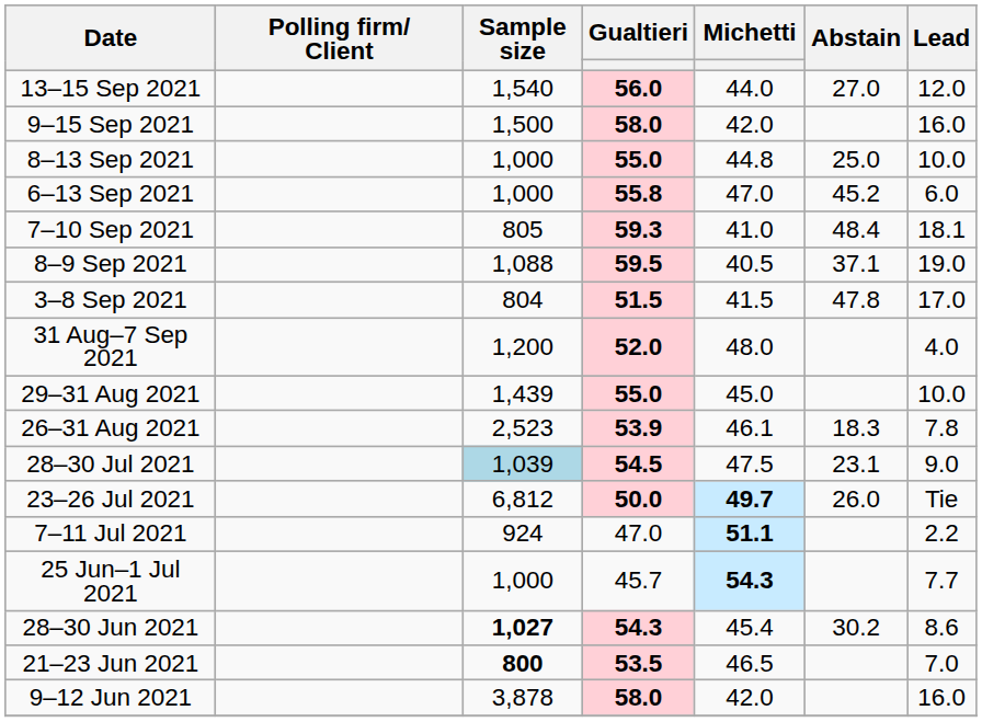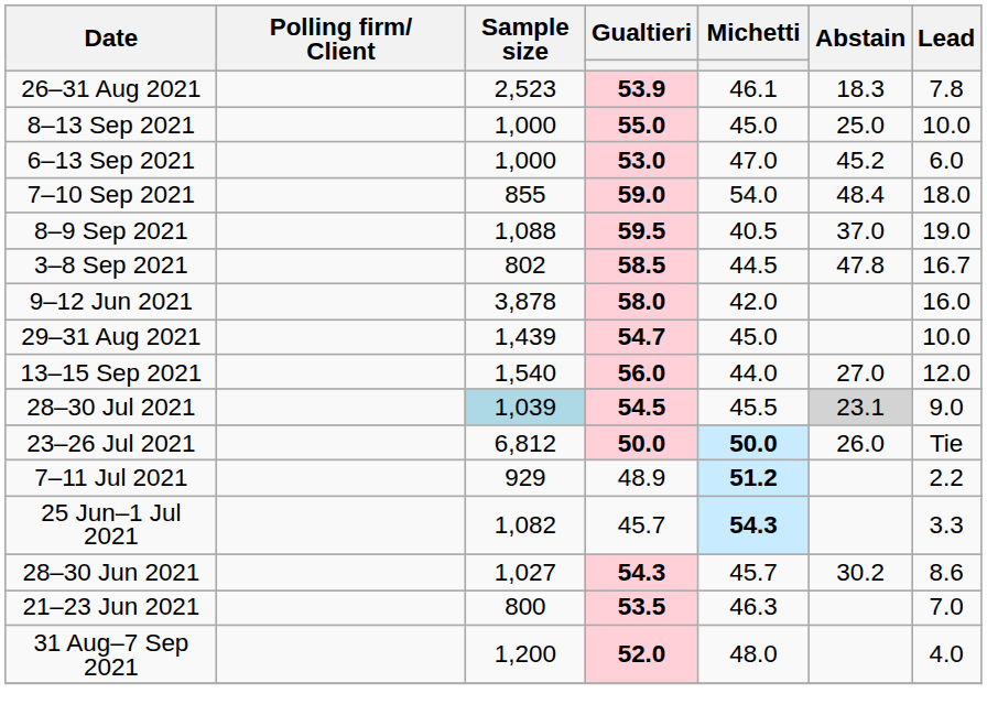 <table class=wikitable style="text-align:center;font-size:85%;line-height:13px">
 <tr style="height:30px; background-color:#E9E9E9">
 <th style="width:110px;" rowspan="2">Date</th>
 <th style="width:130px;" rowspan="2">Polling firm/<br>Client</th>
 <th style="width:60px;" rowspan="2">Sample size</th>
 <th style="width:55px;">Gualtieri</th>
 <th style="width:55px;">Michetti</th>
 <th style="width:30px;" rowspan="2">Abstain</th>
 <th style="width:30px;" rowspan="2">Lead</th>
 </tr>
 <tr>
 <th style="color:inherit;background:"></th>
 <th style="color:inherit;background:"></th>
 </tr>
 <tr>
+<td>26–31 Aug 2021</td>
+<td></td>
+<td>2,523</td>
+<td style="background:#FFD0D7"><strong>53.9</strong></td>
+<td>46.1</td>
+<td>18.3</td>
+<td style="background:">7.8</td>
+</tr>
+<tr>
+<td>8–13 Sep 2021</td>
+<td></td>
+<td>1,000</td>
+<td style="background:#FFD0D7"><strong>55.0</strong></td>
+<td>45.0</td>
+<td>25.0</td>
+<td style="background:">10.0</td>
+</tr>
+<tr>
+<td>6–13 Sep 2021</td>
+<td></td>
+<td>1,000</td>
+<td style="background:#FFD0D7"><strong>53.0</strong></td>
+<td>47.0</td>
+<td>45.2</td>
+<td style="background:">6.0</td>
+</tr>
+<tr>
+<td>7–10 Sep 2021</td>
+<td></td>
+<td>855</td>
+<td style="background:#FFD0D7"><strong>59.0</strong></td>
+<td>54.0</td>
+<td>48.4</td>
+<td style="background:">18.0</td>
+</tr>
+<tr>
+<td>8–9 Sep 2021</td>
+<td></td>
+<td>1,088</td>
+<td style="background:#FFD0D7"><strong>59.5</strong></td>
+<td>40.5</td>
+<td>37.0</td>
+<td style="background:">19.0</td>
+</tr>
+<tr>
+<td>3–8 Sep 2021</td>
+<td></td>
+<td>802</td>
+<td style="background:#FFD0D7"><strong>58.5</strong></td>
+<td>44.5</td>
+<td>47.8</td>
+<td style="background:">16.7</td>
+</tr>
+<tr>
+<td>9–12 Jun 2021</td>
+<td></td>
+<td>3,878</td>
+<td style="background:#FFD0D7"><strong>58.0</strong></td>
+<td>42.0</td>
+<td></td>
+<td style="background:">16.0</td>
+</tr>
+<tr>
+<td>29–31 Aug 2021</td>
+<td></td>
+<td>1,439</td>
+<td style="background:#FFD0D7"><strong>54.7</strong></td>
+<td>45.0</td>
+<td></td>
+<td style="background:">10.0</td>
+</tr>
+<tr>
 <td>13–15 Sep 2021</td>
 <td></td>
 <td>1,540</td>
 <td style="background:#FFD0D7"><strong>56.0</strong></td>
 <td>44.0</td>
 <td>27.0</td>
 <td style="background:">12.0</td>
 </tr>
 <tr>
-<td>9–15 Sep 2021</td>
+<td>28–30 Jul 2021</td>
 <td></td>
-<td>1,500</td>
-<td style="background:#FFD0D7"><strong>58.0</strong></td>
-<td>42.0</td>
-<td></td>
-<td style="background:">16.0</td>
+<td style="background: lightblue;">1,039</td>
+<td style="background:#FFD0D7"><strong>54.5</strong></td>
+<td>45.5</td>
+<td style="background: lightgrey;">23.1</td>
+<td style="background:">9.0</td>
 </tr>
 <tr>
-<td>8–13 Sep 2021</td>
+<td>23–26 Jul 2021</td>
 <td></td>
-<td>1,000</td>
-<td style="background:#FFD0D7"><strong>55.0</strong></td>
-<td>44.8</td>
-<td>25.0</td>
-<td style="background:">10.0</td>
+<td>6,812</td>
+<td style="background:#FFD0D7"><strong>50.0</strong></td>
+<td style="background:#C8EBFF"><strong>50.0</strong></td>
+<td>26.0</td>
+<td>Tie</td>
 </tr>
 <tr>
-<td>6–13 Sep 2021</td>
+<td>7–11 Jul 2021</td>
 <td></td>
-<td>1,000</td>
-<td style="background:#FFD0D7"><strong>55.8</strong></td>
-<td>47.0</td>
-<td>45.2</td>
-<td style="background:">6.0</td>
+<td>929</td>
+<td>48.9</td>
+<td style="background:#C8EBFF"><strong>51.2</strong></td>
+<td></td>
+<td style="background:">2.2</td>
 </tr>
 <tr>
-<td>7–10 Sep 2021</td>
+<td>25 Jun–1 Jul 2021</td>
 <td></td>
-<td>805</td>
-<td style="background:#FFD0D7"><strong>59.3</strong></td>
-<td>41.0</td>
-<td>48.4</td>
-<td style="background:">18.1</td>
+<td>1,082</td>
+<td>45.7</td>
+<td style="background:#C8EBFF"><strong>54.3</strong></td>
+<td></td>
+<td style="background:">3.3</td>
 </tr>
 <tr>
-<td>8–9 Sep 2021</td>
+<td>28–30 Jun 2021</td>
 <td></td>
-<td>1,088</td>
-<td style="background:#FFD0D7"><strong>59.5</strong></td>
-<td>40.5</td>
-<td>37.1</td>
-<td style="background:">19.0</td>
+<td>1,027</td>
+<td style="background:#FFD0D7"><strong>54.3</strong></td>
+<td>45.7</td>
+<td>30.2</td>
+<td style="background:">8.6</td>
 </tr>
 <tr>
-<td>3–8 Sep 2021</td>
+<td>21–23 Jun 2021</td>
 <td></td>
-<td>804</td>
-<td style="background:#FFD0D7"><strong>51.5</strong></td>
-<td>41.5</td>
-<td>47.8</td>
-<td style="background:">17.0</td>
+<td>800</td>
+<td style="background:#FFD0D7"><strong>53.5</strong></td>
+<td>46.3</td>
+<td></td>
+<td style="background:">7.0</td>
 </tr>
 <tr>
 <td>31 Aug–7 Sep 2021</td>
 <td></td>
 <td>1,200</td>
 <td style="background:#FFD0D7"><strong>52.0</strong></td>
 <td>48.0</td>
 <td></td>
 <td style="background:">4.0</td>
 </tr>
 <tr>
-<td>29–31 Aug 2021</td>
-<td></td>
-<td>1,439</td>
-<td style="background:#FFD0D7"><strong>55.0</strong></td>
-<td>45.0</td>
-<td></td>
-<td style="background:">10.0</td>
-</tr>
-<tr>
-<td>26–31 Aug 2021</td>
-<td></td>
-<td>2,523</td>
-<td style="background:#FFD0D7"><strong>53.9</strong></td>
-<td>46.1</td>
-<td>18.3</td>
-<td style="background:">7.8</td>
-</tr>
-<tr>
-<td>28–30 Jul 2021</td>
-<td></td>
-<td style="background: lightblue;">1,039</td>
-<td style="background:#FFD0D7"><strong>54.5</strong></td>
-<td>47.5</td>
-<td>23.1</td>
-<td style="background:">9.0</td>
-</tr>
-<tr>
-<td>23–26 Jul 2021</td>
-<td></td>
-<td>6,812</td>
-<td style="background:#FFD0D7"><strong>50.0</strong></td>
-<td style="background:#C8EBFF"><strong>49.7</strong></td>
-<td>26.0</td>
-<td>Tie</td>
-</tr>
-<tr>
-<td>7–11 Jul 2021</td>
-<td></td>
-<td>924</td>
-<td>47.0</td>
-<td style="background:#C8EBFF"><strong>51.1</strong></td>
-<td></td>
-<td style="background:">2.2</td>
-</tr>
-<tr>
-<td>25 Jun–1 Jul 2021</td>
-<td></td>
-<td>1,000</td>
-<td>45.7</td>
-<td style="background:#C8EBFF"><strong>54.3</strong></td>
-<td></td>
-<td style="background:">7.7</td>
-</tr>
-<tr>
-<td>28–30 Jun 2021</td>
-<td></td>
-<td><strong>1,027</strong></td>
-<td style="background:#FFD0D7"><strong>54.3</strong></td>
-<td>45.4</td>
-<td>30.2</td>
-<td style="background:">8.6</td>
-</tr>
-<tr>
-<td>21–23 Jun 2021</td>
-<td></td>
-<td><strong>800</strong></td>
-<td style="background:#FFD0D7"><strong>53.5</strong></td>
-<td>46.5</td>
-<td></td>
-<td style="background:">7.0</td>
-</tr>
-<tr>
-<td>9–12 Jun 2021</td>
-<td></td>
-<td>3,878</td>
-<td style="background:#FFD0D7"><strong>58.0</strong></td>
-<td>42.0</td>
-<td></td>
-<td style="background:">16.0</td>
-</tr>
-<tr>
 </tr>
 </table>
